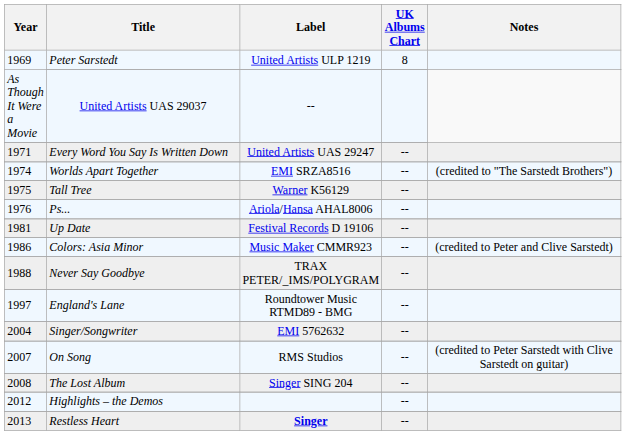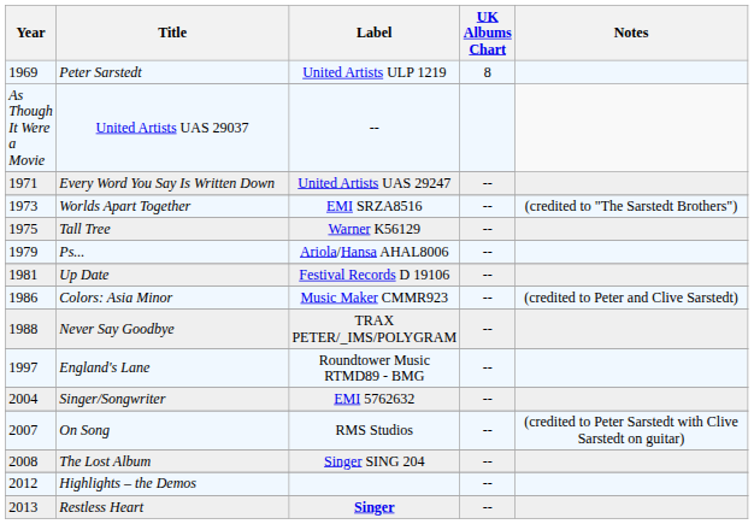 <table class="wikitable">
 <tr>
 <th style="width:28px;" rowspan="1">Year</th>
 <th style="width:250px;" rowspan="1">Title</th>
 <th style="width:50px;" rowspan="1">Label</th>
 <th style="width:50px;" rowspan="1"><a href='#'>UK Albums Chart</a></th>
 <th style="width:250px;" rowspan="1">Notes</th>
 </tr>
 <tr style="background:#f0f8ff;">
 <td style="text-align:left;" rowspan="2">1969</td>
 <td align="left"><em>Peter Sarstedt</em></td>
 <td style="text-align:center;"><a href='#'>United Artists</a> ULP 1219</td>
 <td style="text-align:center;">8</td>
 <td style="text-align:center;"></td>
 </tr>
 <tr>
 </tr>
 <tr style="background:#f0f8ff;">
 <td align="left"><em>As Though It Were a Movie</em></td>
 <td style="text-align:center;"><a href='#'>United Artists</a> UAS 29037</td>
 <td style="text-align:center;">--</td>
 <td style="text-align:center;"></td>
 </tr>
 <tr>
 </tr>
 <tr style="background:#efefef;">
 <td style="text-align:left;" rowspan="1">1971</td>
 <td align="left"><em>Every Word You Say Is Written Down</em></td>
 <td style="text-align:center;"><a href='#'>United Artists</a> UAS 29247</td>
 <td style="text-align:center;">--</td>
 <td style="text-align:center;"></td>
 </tr>
 <tr>
 </tr>
 <tr style="background:#f0f8ff;">
-<td style="text-align:left;" rowspan="1">1974</td>
+<td style="text-align:left;" rowspan="1">1973</td>
 <td align="left"><em>Worlds Apart Together</em></td>
 <td style="text-align:center;"><a href='#'>EMI</a> SRZA8516</td>
 <td style="text-align:center;">--</td>
 <td style="text-align:center;">(credited to "The Sarstedt Brothers") </td>
 </tr>
 <tr>
 </tr>
 <tr style="background:#efefef;">
 <td style="text-align:left;" rowspan="1">1975</td>
 <td align="left"><em>Tall Tree</em></td>
 <td style="text-align:center;"><a href='#'>Warner</a> K56129</td>
 <td style="text-align:center;">--</td>
 <td style="text-align:center;"></td>
 </tr>
 <tr>
 </tr>
 <tr style="background:#f0f8ff;">
-<td style="text-align:left;" rowspan="1">1976</td>
+<td style="text-align:left;" rowspan="1">1979</td>
 <td align="left"><em>Ps...</em></td>
 <td style="text-align:center;"><a href='#'>Ariola</a>/<a href='#'>Hansa</a> AHAL8006</td>
 <td style="text-align:center;">--</td>
 <td style="text-align:center;"></td>
 </tr>
 <tr>
 </tr>
 <tr style="background:#efefef;">
 <td style="text-align:left;" rowspan="1">1981</td>
 <td align="left"><em>Up Date</em></td>
 <td style="text-align:center;"><a href='#'>Festival Records</a> D 19106</td>
 <td style="text-align:center;">--</td>
 <td style="text-align:center;"></td>
 </tr>
 <tr>
 </tr>
 <tr style="background:#f0f8ff;">
 <td style="text-align:left;" rowspan="1">1986</td>
 <td align="left"><em>Colors: Asia Minor</em></td>
 <td style="text-align:center;"><a href='#'>Music Maker</a> CMMR923</td>
 <td style="text-align:center;">--</td>
 <td style="text-align:center;">(credited to Peter and Clive Sarstedt)</td>
 </tr>
 <tr>
 </tr>
 <tr style="background:#efefef;">
 <td style="text-align:left;" rowspan="1">1988</td>
 <td align="left"><em>Never Say Goodbye</em></td>
 <td style="text-align:center;">TRAX PETER/_IMS/POLYGRAM</td>
 <td style="text-align:center;">--</td>
 <td style="text-align:center;"></td>
 </tr>
 <tr>
 </tr>
 <tr style="background:#f0f8ff;">
 <td style="text-align:left;" rowspan="1">1997</td>
 <td align="left"><em>England's Lane</em></td>
 <td style="text-align:center;">Roundtower Music RTMD89 - BMG</td>
 <td style="text-align:center;">--</td>
 <td style="text-align:center;"></td>
 </tr>
 <tr>
 </tr>
 <tr style="background:#efefef;">
 <td style="text-align:left;" rowspan="1">2004</td>
 <td align="left"><em>Singer/Songwriter</em></td>
 <td style="text-align:center;"><a href='#'>EMI</a> 5762632</td>
 <td style="text-align:center;">--</td>
 <td style="text-align:center;"></td>
 </tr>
 <tr>
 </tr>
 <tr style="background:#f0f8ff;">
 <td style="text-align:left;" rowspan="1">2007</td>
 <td align="left"><em>On Song</em></td>
 <td style="text-align:center;">RMS Studios</td>
 <td style="text-align:center;">--</td>
 <td style="text-align:center;">(credited to Peter Sarstedt with Clive Sarstedt on guitar)</td>
 </tr>
 <tr>
 </tr>
 <tr style="background:#efefef;">
 <td style="text-align:left;" rowspan="1">2008</td>
 <td align="left"><em>The Lost Album</em></td>
 <td style="text-align:center;"><a href='#'>Singer</a> SING 204</td>
 <td style="text-align:center;">--</td>
 <td style="text-align:center;"></td>
 </tr>
 <tr>
 </tr>
 <tr style="background:#f0f8ff;">
 <td style="text-align:left;" rowspan="1">2012</td>
 <td align="left"><em>Highlights – the Demos</em></td>
 <td style="text-align:center;"></td>
 <td style="text-align:center;">--</td>
 <td style="text-align:center;"></td>
 </tr>
 <tr>
 </tr>
 <tr style="background:#efefef;">
 <td style="text-align:left;" rowspan="1">2013</td>
 <td align="left"><em>Restless Heart</em></td>
 <td style="text-align:center;"><strong><a href='#'>Singer</a></strong></td>
 <td style="text-align:center;">--</td>
 <td style="text-align:center;"></td>
 </tr>
 </table>
